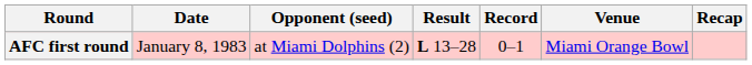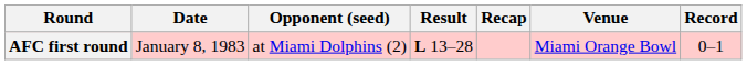 <table class="wikitable" style="text-align:center">
 <tr>
 <th>Round</th>
 <th>Date</th>
 <th>Opponent (seed)</th>
 <th>Result</th>
+<th>Recap</th>
+<th>Venue</th>
 <th>Record</th>
-<th>Venue</th>
-<th>Recap</th>
 </tr>
 <tr bgcolor="#fcc">
 <th>AFC first round</th>
 <td>January 8, 1983</td>
 <td>at <a href='#'>Miami Dolphins</a> (2)</td>
 <td><strong>L</strong> 13–28</td>
+<td></td>
+<td><a href='#'>Miami Orange Bowl</a></td>
 <td>0–1</td>
-<td><a href='#'>Miami Orange Bowl</a></td>
-<td></td>
 </tr>
 </table>
